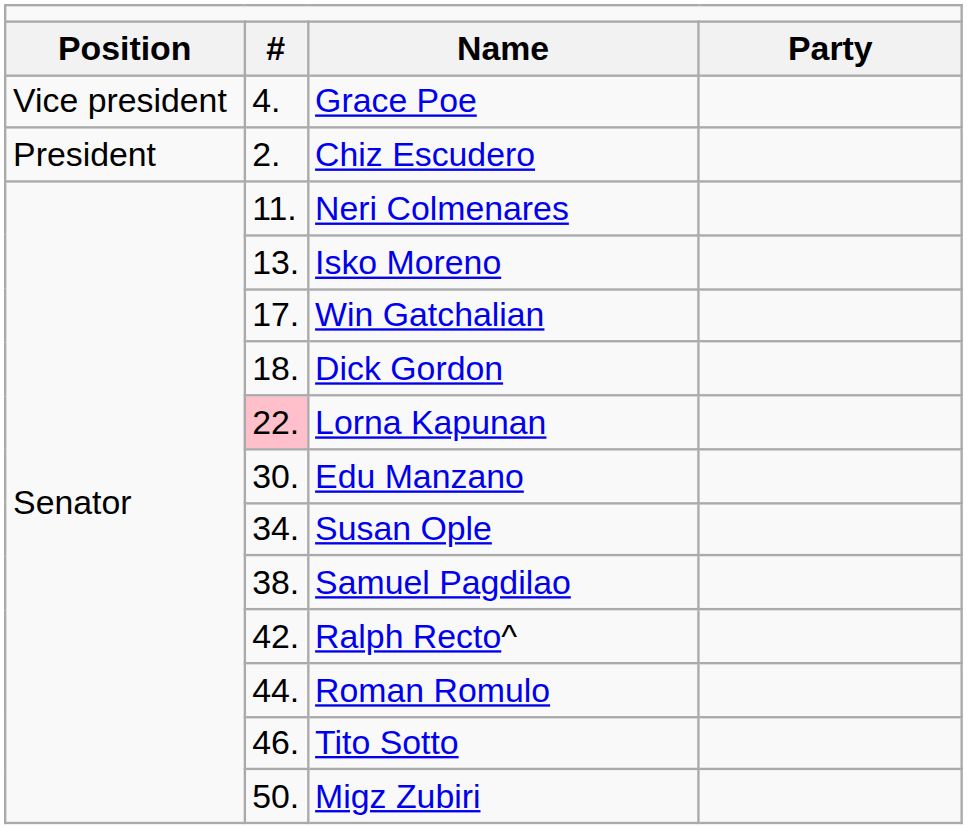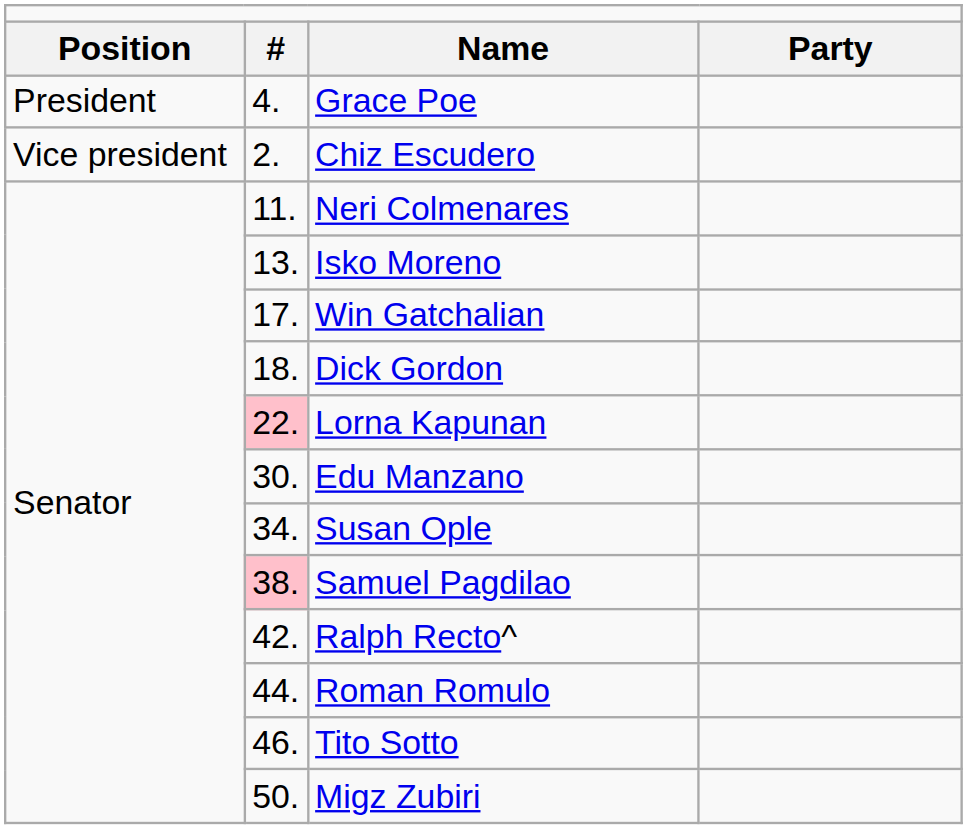 <table class=wikitable style="font-size:90%">
 <tr>
 <td colspan="5"></td>
 </tr>
 <tr>
 <th width=95px>Position</th>
 <th width=20px>#</th>
 <th width=160px>Name</th>
 <th colspan=2 width=105px>Party</th>
 </tr>
 <tr>
-<td>Vice president</td>
+<td>President</td>
 <td>4.</td>
 <td><a href='#'>Grace Poe</a></td>
 <td></td>
 </tr>
 <tr>
-<td>President</td>
+<td>Vice president</td>
 <td>2.</td>
 <td><a href='#'>Chiz Escudero</a></td>
 <td></td>
 </tr>
 <tr>
 <td rowspan="12">Senator</td>
 <td>11.</td>
 <td><a href='#'>Neri Colmenares</a></td>
 <td></td>
 </tr>
 <tr>
 <td>13.</td>
 <td><a href='#'>Isko Moreno</a></td>
 <td></td>
 </tr>
 <tr>
 <td>17.</td>
 <td><a href='#'>Win Gatchalian</a></td>
 <td></td>
 </tr>
 <tr>
 <td>18.</td>
 <td><a href='#'>Dick Gordon</a></td>
 <td></td>
 </tr>
 <tr>
 <td style="background: pink;">22.</td>
 <td><a href='#'>Lorna Kapunan</a></td>
 <td></td>
 </tr>
 <tr>
 <td>30.</td>
 <td><a href='#'>Edu Manzano</a></td>
 <td></td>
 </tr>
 <tr>
 <td>34.</td>
 <td><a href='#'>Susan Ople</a></td>
 <td></td>
 </tr>
 <tr>
-<td>38.</td>
+<td style="background: pink;">38.</td>
 <td><a href='#'>Samuel Pagdilao</a></td>
 <td></td>
 </tr>
 <tr>
 <td>42.</td>
 <td><a href='#'>Ralph Recto</a>^</td>
 <td></td>
 </tr>
 <tr>
 <td>44.</td>
 <td><a href='#'>Roman Romulo</a></td>
 <td></td>
 </tr>
 <tr>
 <td>46.</td>
 <td><a href='#'>Tito Sotto</a></td>
 <td></td>
 </tr>
 <tr>
 <td>50.</td>
 <td><a href='#'>Migz Zubiri</a></td>
 <td></td>
 </tr>
 </table>
